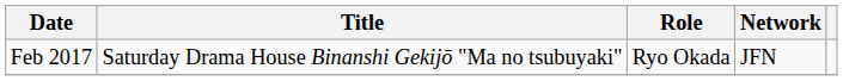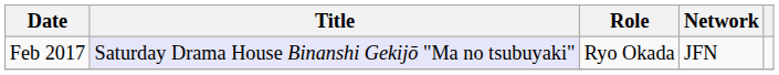 <table class="wikitable">
 <tr>
 <th>Date</th>
 <th>Title</th>
 <th>Role</th>
 <th>Network</th>
 <th></th>
 </tr>
 <tr>
 <td>Feb 2017</td>
-<td>Saturday Drama House <em>Binanshi Gekijō</em> "Ma no tsubuyaki"</td>
+<td style="background: lavender;">Saturday Drama House <em>Binanshi Gekijō</em> "Ma no tsubuyaki"</td>
 <td>Ryo Okada</td>
 <td>JFN</td>
 <td></td>
 </tr>
 <tr>
 </tr>
 </table>
